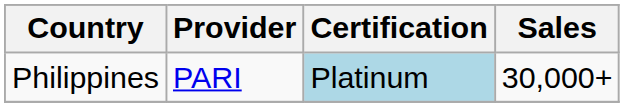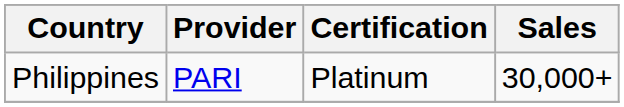 <table class="wikitable">
 <tr>
 <th>Country</th>
 <th>Provider</th>
 <th>Certification</th>
 <th>Sales</th>
 </tr>
 <tr>
 <td>Philippines</td>
 <td><a href='#'>PARI</a></td>
-<td style="background: lightblue;">Platinum</td>
+<td>Platinum</td>
 <td>30,000+</td>
 </tr>
 <tr>
 </tr>
 </table>
